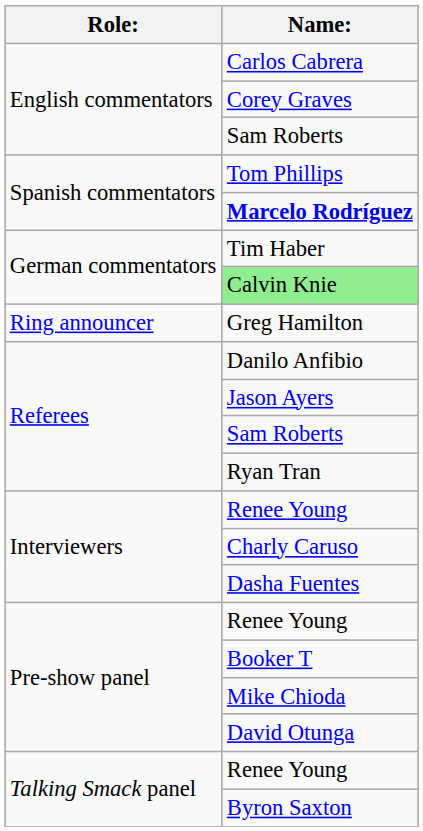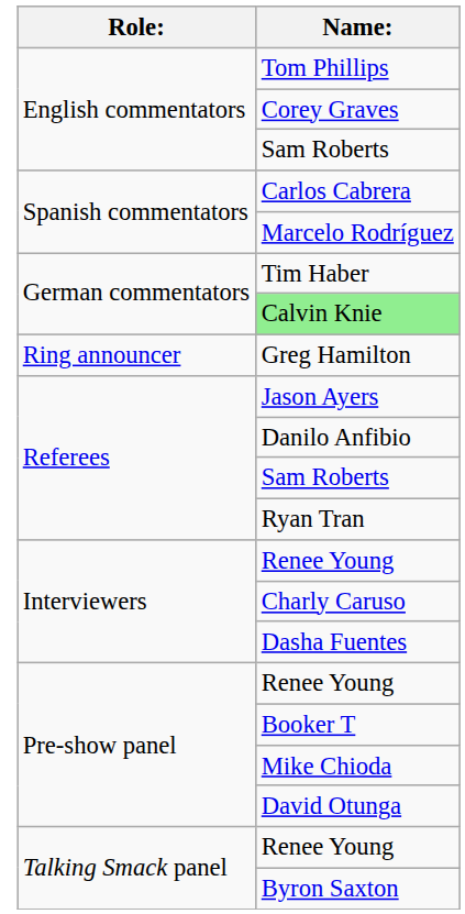 <table class=wikitable style="font-size:90%; margin: 0.5em 0 0.5em 1em; float: right; clear: right;">
 <tr>
 <th>Role:</th>
 <th>Name:</th>
 </tr>
 <tr>
 <td rowspan=3>English commentators</td>
-<td><a href='#'>Carlos Cabrera</a></td>
+<td><a href='#'>Tom Phillips</a></td>
 </tr>
 <tr>
 <td><a href='#'>Corey Graves</a></td>
 </tr>
 <tr>
 <td>Sam Roberts</td>
 </tr>
 <tr>
 <td rowspan=2>Spanish commentators</td>
-<td><a href='#'>Tom Phillips</a></td>
+<td><a href='#'>Carlos Cabrera</a></td>
 </tr>
 <tr>
-<td><strong><a href='#'>Marcelo Rodríguez</a></strong></td>
+<td><a href='#'>Marcelo Rodríguez</a></td>
 </tr>
 <tr>
 <td rowspan=2>German commentators</td>
 <td>Tim Haber</td>
 </tr>
 <tr>
 <td style="background: lightgreen;">Calvin Knie</td>
 </tr>
 <tr>
 <td><a href='#'>Ring announcer</a></td>
 <td>Greg Hamilton</td>
 </tr>
 <tr>
 <td rowspan=4><a href='#'>Referees</a></td>
-<td>Danilo Anfibio</td>
+<td><a href='#'>Jason Ayers</a></td>
 </tr>
 <tr>
-<td><a href='#'>Jason Ayers</a></td>
+<td>Danilo Anfibio</td>
 </tr>
 <tr>
 <td><a href='#'>Sam Roberts</a></td>
 </tr>
 <tr>
 <td>Ryan Tran</td>
 </tr>
 <tr>
 <td rowspan=3>Interviewers</td>
 <td><a href='#'>Renee Young</a></td>
 </tr>
 <tr>
 <td><a href='#'>Charly Caruso</a></td>
 </tr>
 <tr>
 <td><a href='#'>Dasha Fuentes</a></td>
 </tr>
 <tr>
 <td rowspan=4>Pre-show panel</td>
 <td>Renee Young</td>
 </tr>
 <tr>
 <td><a href='#'>Booker T</a></td>
 </tr>
 <tr>
 <td><a href='#'>Mike Chioda</a></td>
 </tr>
 <tr>
 <td><a href='#'>David Otunga</a></td>
 </tr>
 <tr>
 <td rowspan=2><em>Talking Smack</em> panel</td>
 <td>Renee Young</td>
 </tr>
 <tr>
 <td><a href='#'>Byron Saxton</a></td>
 </tr>
 </table>
